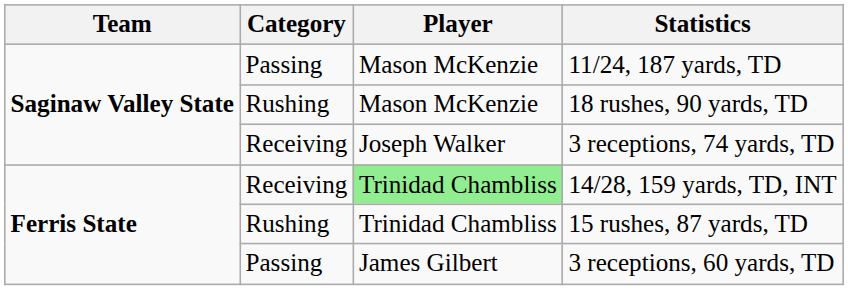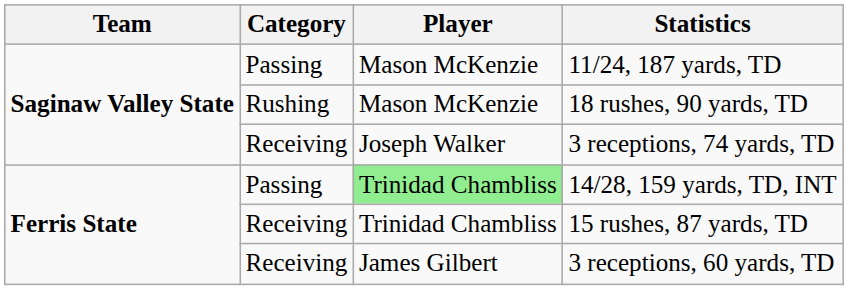 <table class="wikitable" style="float: left;">
 <tr>
 <th>Team</th>
 <th>Category</th>
 <th>Player</th>
 <th>Statistics</th>
 </tr>
 <tr>
 <td rowspan=3><strong>Saginaw Valley State</strong></td>
 <td>Passing</td>
 <td>Mason McKenzie</td>
 <td>11/24, 187 yards, TD</td>
 </tr>
 <tr>
 <td>Rushing</td>
 <td>Mason McKenzie</td>
 <td>18 rushes, 90 yards, TD</td>
 </tr>
 <tr>
 <td>Receiving</td>
 <td>Joseph Walker</td>
 <td>3 receptions, 74 yards, TD</td>
 </tr>
 <tr>
 <td rowspan=3><strong>Ferris State</strong></td>
-<td>Receiving</td>
+<td>Passing</td>
 <td style="background: lightgreen;">Trinidad Chambliss</td>
 <td>14/28, 159 yards, TD, INT</td>
 </tr>
 <tr>
-<td>Rushing</td>
+<td>Receiving</td>
 <td>Trinidad Chambliss</td>
 <td>15 rushes, 87 yards, TD</td>
 </tr>
 <tr>
-<td>Passing</td>
+<td>Receiving</td>
 <td>James Gilbert</td>
 <td>3 receptions, 60 yards, TD</td>
 </tr>
 </table>
